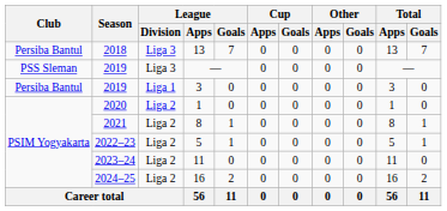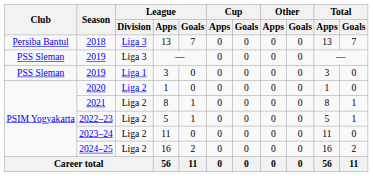 <table class="wikitable" style="text-align:center">
 <tr>
 <th rowspan="2">Club</th>
 <th rowspan="2">Season</th>
 <th colspan="3">League</th>
 <th colspan="2">Cup</th>
 <th colspan="2">Other</th>
 <th colspan="2">Total</th>
 </tr>
 <tr>
 <th>Division</th>
 <th>Apps</th>
 <th>Goals</th>
 <th>Apps</th>
 <th>Goals</th>
 <th>Apps</th>
 <th>Goals</th>
 <th>Apps</th>
 <th>Goals</th>
 </tr>
 <tr>
 <td rowspan="1"><a href='#'>Persiba Bantul</a></td>
 <td><a href='#'>2018</a></td>
 <td><a href='#'>Liga 3</a></td>
 <td>13</td>
 <td>7</td>
 <td>0</td>
 <td>0</td>
 <td>0</td>
 <td>0</td>
 <td>13</td>
 <td>7</td>
 </tr>
 <tr>
 <td rowspan="1"><a href='#'>PSS Sleman</a></td>
 <td><a href='#'>2019</a></td>
 <td>Liga 3</td>
 <td colspan="2">—</td>
 <td>0</td>
 <td>0</td>
 <td>0</td>
 <td>0</td>
 <td colspan="2">—</td>
 </tr>
 <tr>
-<td rowspan="1"><a href='#'>Persiba Bantul</a></td>
+<td rowspan="1"><a href='#'>PSS Sleman</a></td>
 <td><a href='#'>2019</a></td>
 <td><a href='#'>Liga 1</a></td>
 <td>3</td>
 <td>0</td>
 <td>0</td>
 <td>0</td>
 <td>0</td>
 <td>0</td>
 <td>3</td>
 <td>0</td>
 </tr>
 <tr>
 <td rowspan="5"><a href='#'>PSIM Yogyakarta</a></td>
 <td><a href='#'>2020</a></td>
 <td rowspan="1"><a href='#'>Liga 2</a></td>
 <td>1</td>
 <td>0</td>
 <td>0</td>
 <td>0</td>
 <td>0</td>
 <td>0</td>
 <td>1</td>
 <td>0</td>
 </tr>
 <tr>
 <td><a href='#'>2021</a></td>
 <td rowspan="1">Liga 2</td>
 <td>8</td>
 <td>1</td>
 <td>0</td>
 <td>0</td>
 <td>0</td>
 <td>0</td>
 <td>8</td>
 <td>1</td>
 </tr>
 <tr>
 <td><a href='#'>2022–23</a></td>
 <td rowspan="1">Liga 2</td>
 <td>5</td>
 <td>1</td>
 <td>0</td>
 <td>0</td>
 <td>0</td>
 <td>0</td>
 <td>5</td>
 <td>1</td>
 </tr>
 <tr>
 <td><a href='#'>2023–24</a></td>
 <td rowspan="1">Liga 2</td>
 <td>11</td>
 <td>0</td>
 <td>0</td>
 <td>0</td>
 <td>0</td>
 <td>0</td>
 <td>11</td>
 <td>0</td>
 </tr>
 <tr>
 <td><a href='#'>2024–25</a></td>
 <td rowspan="1">Liga 2</td>
 <td>16</td>
 <td>2</td>
 <td>0</td>
 <td>0</td>
 <td>0</td>
 <td>0</td>
 <td>16</td>
 <td>2</td>
 </tr>
 <tr>
 <th colspan="3">Career total</th>
 <th>56</th>
 <th>11</th>
 <th>0</th>
 <th>0</th>
 <th>0</th>
 <th>0</th>
 <th>56</th>
 <th>11</th>
 </tr>
 </table>
